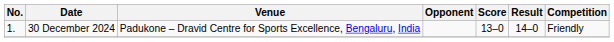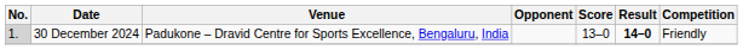 <table class="wikitable">
 <tr>
 <th>No.</th>
 <th>Date</th>
 <th>Venue</th>
 <th>Opponent</th>
 <th>Score</th>
 <th>Result</th>
 <th>Competition</th>
 </tr>
 <tr>
-<td>1.</td>
+<td style="background: lightgrey;">1.</td>
 <td>30 December 2024</td>
 <td>Padukone – Dravid Centre for Sports Excellence, <a href='#'>Bengaluru</a>, <a href='#'>India</a></td>
 <td></td>
 <td align=center>13–0</td>
-<td align=center>14–0</td>
+<td align=center><strong>14–0</strong></td>
 <td>Friendly</td>
 </tr>
 <tr>
 </tr>
 </table>
